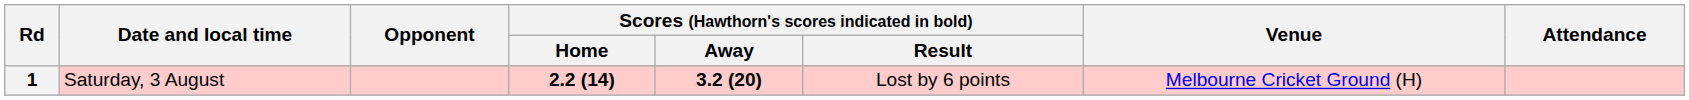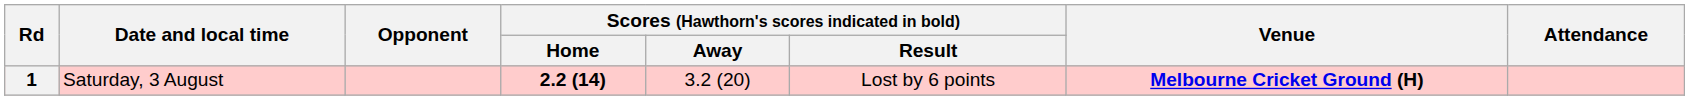 <table class="wikitable" style="font-size:90%; text-align:center; width: 100%; margin-left: auto; margin-right: auto">
 <tr>
 <th rowspan="2">Rd</th>
 <th rowspan="2">Date and local time</th>
 <th rowspan="2">Opponent</th>
 <th colspan="3">Scores <small>(Hawthorn's scores indicated in bold)</small></th>
 <th rowspan="2">Venue</th>
 <th rowspan="2">Attendance</th>
 </tr>
 <tr>
 <th>Home</th>
 <th>Away</th>
 <th>Result</th>
 </tr>
 <tr style="background:#fcc;">
 <th>1</th>
 <td align=left>Saturday, 3 August</td>
 <td align=left></td>
 <td><strong>2.2 (14)</strong></td>
-<td><strong>3.2 (20)</strong></td>
+<td>3.2 (20)</td>
 <td>Lost by 6 points</td>
-<td><a href='#'>Melbourne Cricket Ground</a> (H)</td>
+<td><strong><a href='#'>Melbourne Cricket Ground</a> (H)</strong></td>
 <td></td>
 </tr>
 </table>
